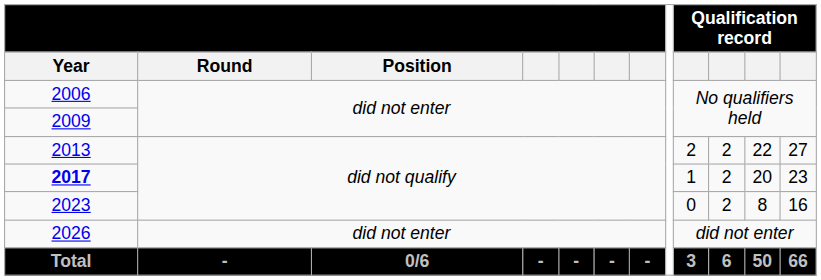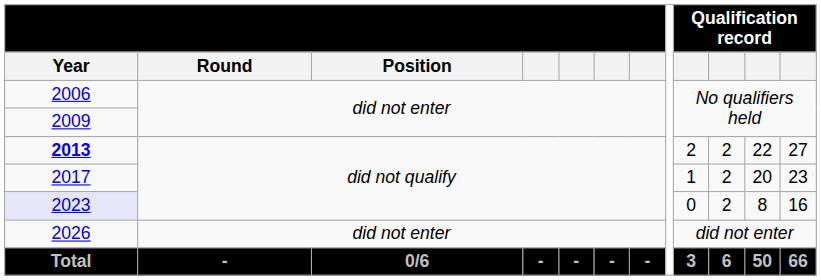 <table class="wikitable" style="text-align: center;">
 <tr>
 <th style="background:#000000;" colspan="7"><a href='#'></a></th>
 <th style="background:white; width:1%;" rowspan="9"></th>
 <th style="background:#000000; color:white;" colspan="5">Qualification record</th>
 </tr>
 <tr>
 <th>Year</th>
 <th>Round</th>
 <th>Position</th>
 <th width=25></th>
 <th width=25></th>
 <th width=25></th>
 <th width=25></th>
 <th width=25></th>
 <th width=25></th>
 <th width=25></th>
 <th width=25></th>
 </tr>
 <tr>
 <td><a href='#'>2006</a></td>
 <td colspan=6 rowspan=2><em>did not enter</em></td>
 <td colspan=4 rowspan=2 align=center><em>No qualifiers held</em></td>
 </tr>
 <tr>
 <td><a href='#'>2009</a></td>
 </tr>
 <tr>
-<td><a href='#'>2013</a></td>
+<td><strong><a href='#'>2013</a></strong></td>
 <td colspan=6 rowspan=3 align=center><em>did not qualify</em></td>
 <td>2</td>
 <td>2</td>
 <td>22</td>
 <td>27</td>
 </tr>
 <tr>
-<td><strong><a href='#'>2017</a></strong></td>
+<td><a href='#'>2017</a></td>
 <td>1</td>
 <td>2</td>
 <td>20</td>
 <td>23</td>
 </tr>
 <tr>
-<td><a href='#'>2023</a></td>
+<td style="background: lavender;"><a href='#'>2023</a></td>
 <td>0</td>
 <td>2</td>
 <td>8</td>
 <td>16</td>
 </tr>
 <tr>
 <td><a href='#'>2026</a></td>
 <td colspan=6 align=center><em>did not enter</em></td>
 <td colspan=4 align=center><em>did not enter</em></td>
 </tr>
 <tr>
 <th style="color:#C0C0C0; background:#000000;"><strong>Total</strong></th>
 <th style="color:#C0C0C0; background:#000000;"><strong>-</strong></th>
 <th style="color:#C0C0C0; background:#000000;"><strong>0/6</strong></th>
 <th style="color:#C0C0C0; background:#000000;"><strong>-</strong></th>
 <th style="color:#C0C0C0; background:#000000;"><strong>-</strong></th>
 <th style="color:#C0C0C0; background:#000000;"><strong>-</strong></th>
 <th style="color:#C0C0C0; background:#000000;"><strong>-</strong></th>
 <th style="color:#C0C0C0; background:#000000;"><strong>3</strong></th>
 <th style="color:#C0C0C0; background:#000000;"><strong>6</strong></th>
 <th style="color:#C0C0C0; background:#000000;"><strong>50</strong></th>
 <th style="color:#C0C0C0; background:#000000;"><strong>66</strong></th>
 </tr>
 </table>
